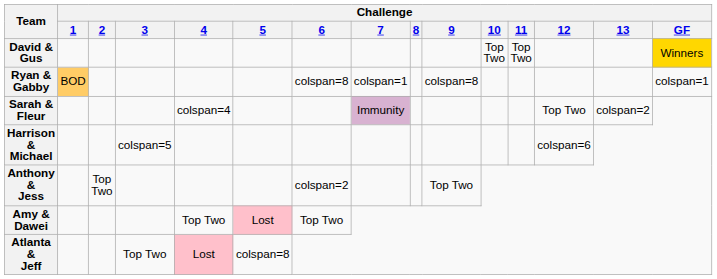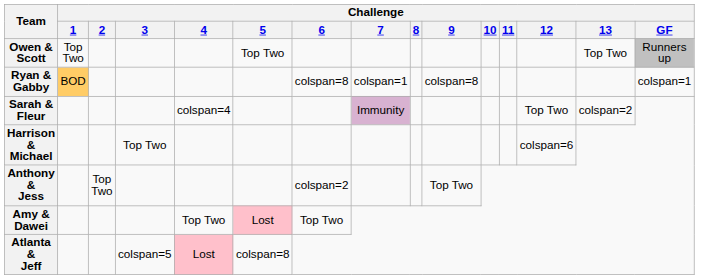 <table class="wikitable plainrowheaders" style="text-align: center; line-height:16px;">
 <tr>
 <th rowspan=2 scope="col">Team</th>
 <th colspan=14 scope="col">Challenge</th>
 </tr>
 <tr>
 <th scope="col"><a href='#'>1</a></th>
 <th scope="col"><a href='#'>2</a></th>
 <th scope="col"><a href='#'>3</a></th>
 <th scope="col"><a href='#'>4</a></th>
 <th scope="col"><a href='#'>5</a></th>
 <th scope="col"><a href='#'>6</a></th>
 <th scope="col"><a href='#'>7</a></th>
 <th scope="col"><a href='#'>8</a></th>
 <th scope="col"><a href='#'>9</a></th>
 <th scope="col"><a href='#'>10</a></th>
 <th scope="col"><a href='#'>11</a></th>
 <th scope="col"><a href='#'>12</a></th>
 <th scope="col"><a href='#'>13</a></th>
 <th scope="col"><a href='#'>GF</a></th>
 </tr>
 <tr>
-<th>David &<br>Gus</th>
+<th>Owen &<br>Scott</th>
+<td>Top Two</td>
 <td></td>
 <td></td>
+<td></td>
+<td>Top Two</td>
 <td></td>
 <td></td>
 <td></td>
 <td></td>
 <td></td>
 <td></td>
 <td></td>
 <td>Top Two</td>
-<td>Top Two</td>
-<td></td>
-<td></td>
-<td style="background:gold">Winners</td>
+<td style="background:silver">Runners up</td>
 </tr>
 <tr>
 <th>Ryan &<br>Gabby</th>
 <td style="text-align:center; background:#FFCC66">BOD</td>
 <td></td>
 <td></td>
 <td></td>
 <td></td>
 <td>colspan=8 </td>
 <td>colspan=1 </td>
 <td></td>
 <td>colspan=8 </td>
 <td></td>
 <td></td>
 <td></td>
 <td></td>
 <td>colspan=1 </td>
 </tr>
 <tr>
 <th>Sarah &<br>Fleur</th>
 <td></td>
 <td></td>
 <td></td>
 <td>colspan=4 </td>
 <td></td>
 <td></td>
 <td style="text-align:center; background:#D8B2D1">Immunity</td>
 <td></td>
 <td></td>
 <td></td>
 <td></td>
 <td>Top Two</td>
 <td>colspan=2 </td>
 </tr>
 <tr>
 <th>Harrison &<br>Michael</th>
 <td></td>
 <td></td>
-<td>colspan=5 </td>
+<td>Top Two</td>
 <td></td>
 <td></td>
 <td></td>
 <td></td>
 <td></td>
 <td></td>
 <td></td>
 <td></td>
 <td>colspan=6 </td>
 </tr>
 <tr>
 <th>Anthony &<br>Jess</th>
 <td></td>
 <td>Top Two</td>
 <td></td>
 <td></td>
 <td></td>
 <td>colspan=2 </td>
 <td></td>
 <td></td>
 <td>Top Two</td>
 </tr>
 <tr>
 <th>Amy &<br>Dawei</th>
 <td></td>
 <td></td>
 <td></td>
 <td>Top Two</td>
 <td style="background:pink;">Lost</td>
 <td>Top Two</td>
 </tr>
 <tr>
 <th>Atlanta &<br>Jeff</th>
 <td></td>
 <td></td>
-<td>Top Two</td>
+<td>colspan=5 </td>
 <td style="background:pink;">Lost</td>
 <td>colspan=8 </td>
 </tr>
 </table>
